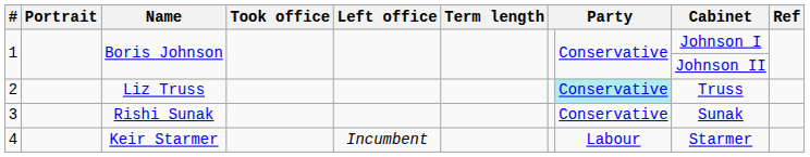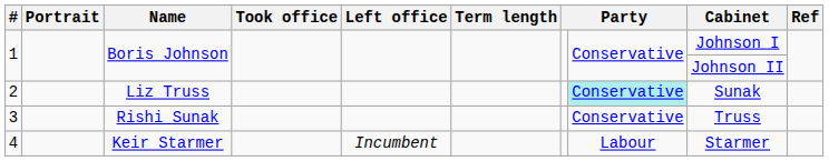 <table class="wikitable" style="text-align:center">
 <tr>
 <th>#</th>
 <th>Portrait</th>
 <th>Name</th>
 <th>Took office</th>
 <th>Left office</th>
 <th>Term length</th>
 <th colspan=2>Party</th>
 <th>Cabinet</th>
 <th scope=col>Ref</th>
 </tr>
 <tr>
 <td rowspan="2">1</td>
 <td rowspan="2"></td>
 <td rowspan="2"><a href='#'>Boris Johnson</a></td>
 <td rowspan="2"></td>
 <td rowspan="2"></td>
 <td rowspan="2"></td>
 <td rowspan="2" style="color:inherit;background:"></td>
 <td rowspan="2"><a href='#'>Conservative</a></td>
 <td><a href='#'>Johnson I</a></td>
 <td rowspan="2"></td>
 </tr>
 <tr>
 <td><a href='#'>Johnson II</a></td>
 </tr>
 <tr>
 <td>2</td>
 <td></td>
 <td><a href='#'>Liz Truss</a></td>
 <td></td>
 <td></td>
 <td></td>
 <td style="color:inherit;background:"></td>
 <td style="background: paleturquoise;"><a href='#'>Conservative</a></td>
-<td><a href='#'>Truss</a></td>
+<td><a href='#'>Sunak</a></td>
 <td></td>
 </tr>
 <tr>
 <td>3</td>
 <td></td>
 <td><a href='#'>Rishi Sunak</a></td>
 <td></td>
 <td></td>
 <td></td>
 <td style="color:inherit;background:"></td>
 <td><a href='#'>Conservative</a></td>
-<td><a href='#'>Sunak</a></td>
+<td><a href='#'>Truss</a></td>
 <td></td>
 </tr>
 <tr>
 <td>4</td>
 <td></td>
 <td><a href='#'>Keir Starmer</a></td>
 <td></td>
 <td><em>Incumbent</em></td>
 <td></td>
 <td style="color:inherit;background:"></td>
 <td><a href='#'>Labour</a></td>
 <td><a href='#'>Starmer</a></td>
 <td></td>
 </tr>
 </table>
